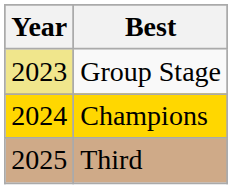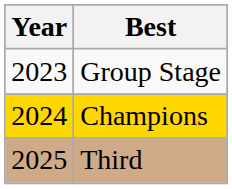 <table class="wikitable">
 <tr>
 <th>Year</th>
 <th>Best</th>
 </tr>
 <tr>
-<td style="background: khaki;">2023</td>
+<td>2023</td>
 <td>Group Stage</td>
 </tr>
 <tr bgcolor=#FFD700>
 <td>2024</td>
 <td>Champions</td>
 </tr>
 <tr bgcolor=cfaa88>
 <td>2025</td>
 <td>Third</td>
 </tr>
 </table>
